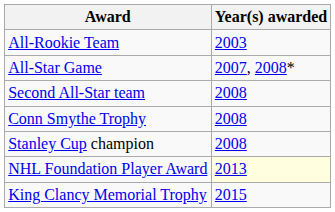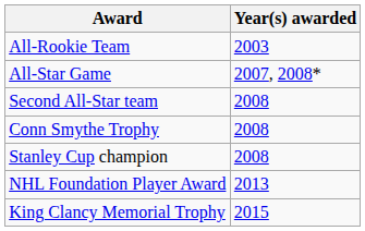 <table class="wikitable">
 <tr>
 <th>Award</th>
 <th>Year(s) awarded</th>
 </tr>
 <tr>
 <td><a href='#'>All-Rookie Team</a></td>
 <td><a href='#'>2003</a></td>
 </tr>
 <tr>
 <td><a href='#'>All-Star Game</a></td>
 <td><a href='#'>2007</a>, <a href='#'>2008</a>*</td>
 </tr>
 <tr>
 <td><a href='#'>Second All-Star team</a></td>
 <td><a href='#'>2008</a></td>
 </tr>
 <tr>
 <td><a href='#'>Conn Smythe Trophy</a></td>
 <td><a href='#'>2008</a></td>
 </tr>
 <tr>
 <td><a href='#'>Stanley Cup</a> champion</td>
 <td><a href='#'>2008</a></td>
 </tr>
 <tr>
 <td><a href='#'>NHL Foundation Player Award</a></td>
-<td style="background: lightyellow;"><a href='#'>2013</a></td>
+<td><a href='#'>2013</a></td>
 </tr>
 <tr>
 <td><a href='#'>King Clancy Memorial Trophy</a></td>
 <td><a href='#'>2015</a></td>
 </tr>
 </table>
